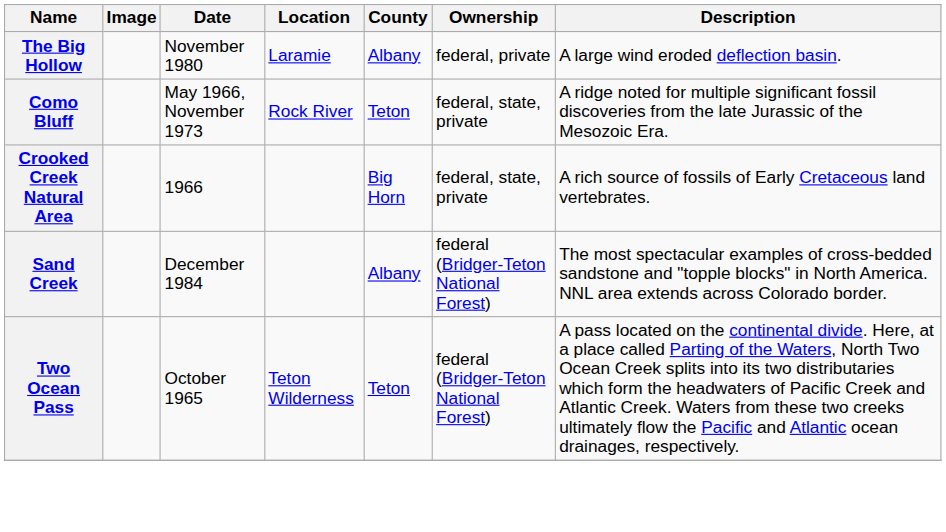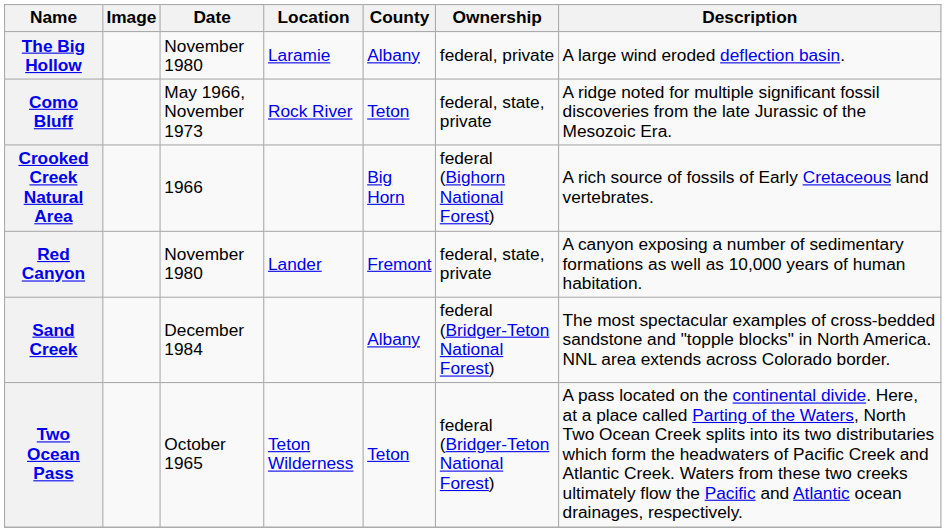 <table class="wikitable sortable" align="center">
 <tr>
 <th style="background-color:">Name</th>
 <th style="background-color:">Image</th>
 <th style="background-color:">Date</th>
 <th style="background-color:">Location</th>
 <th style="background-color:">County</th>
 <th style="background-color:">Ownership</th>
 <th style="background-color:">Description</th>
 </tr>
 <tr>
 <th><a href='#'>The Big Hollow</a></th>
 <td></td>
 <td>November 1980</td>
 <td><a href='#'>Laramie</a><br><small></small></td>
 <td><a href='#'>Albany</a></td>
 <td>federal, private</td>
 <td>A large wind eroded <a href='#'>deflection basin</a>.</td>
 </tr>
 <tr>
 <th><a href='#'>Como Bluff</a></th>
 <td></td>
 <td>May 1966, November 1973</td>
 <td><a href='#'>Rock River</a><br><small></small></td>
 <td><a href='#'>Teton</a></td>
 <td>federal, state, private</td>
 <td>A ridge noted for multiple significant fossil discoveries from the late Jurassic of the Mesozoic Era.</td>
 </tr>
 <tr>
 <th><a href='#'>Crooked Creek Natural Area</a></th>
 <td></td>
 <td>1966</td>
 <td></td>
 <td><a href='#'>Big Horn</a></td>
+<td>federal (<a href='#'>Bighorn National Forest</a>)</td>
+<td>A rich source of fossils of Early <a href='#'>Cretaceous</a> land vertebrates.</td>
+</tr>
+<tr>
+<th><a href='#'>Red Canyon</a></th>
+<td></td>
+<td>November 1980</td>
+<td><a href='#'>Lander</a><br><small></small></td>
+<td><a href='#'>Fremont</a></td>
 <td>federal, state, private</td>
-<td>A rich source of fossils of Early <a href='#'>Cretaceous</a> land vertebrates.</td>
+<td>A canyon exposing a number of sedimentary formations as well as 10,000 years of human habitation.</td>
 </tr>
 <tr>
 <th><a href='#'>Sand Creek</a></th>
 <td></td>
 <td>December 1984</td>
 <td><small></small></td>
 <td><a href='#'>Albany</a></td>
 <td>federal (<a href='#'>Bridger-Teton National Forest</a>)</td>
 <td>The most spectacular examples of cross-bedded sandstone and "topple blocks" in North America. NNL area extends across Colorado border.</td>
 </tr>
 <tr>
 <th><a href='#'>Two Ocean Pass</a></th>
 <td></td>
 <td>October 1965</td>
 <td><a href='#'>Teton Wilderness</a><br><small></small></td>
 <td><a href='#'>Teton</a></td>
 <td>federal (<a href='#'>Bridger-Teton National Forest</a>)</td>
 <td>A pass located on the <a href='#'>continental divide</a>. Here, at a place called <a href='#'>Parting of the Waters</a>, North Two Ocean Creek splits into its two distributaries which form the headwaters of Pacific Creek and Atlantic Creek.  Waters from these two creeks ultimately flow the <a href='#'>Pacific</a> and <a href='#'>Atlantic</a> ocean drainages, respectively.</td>
 </tr>
 <tr>
 </tr>
 </table>
